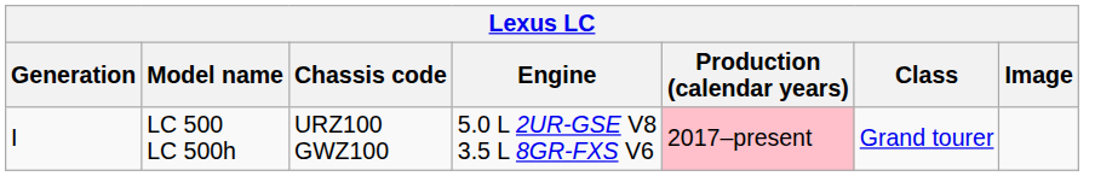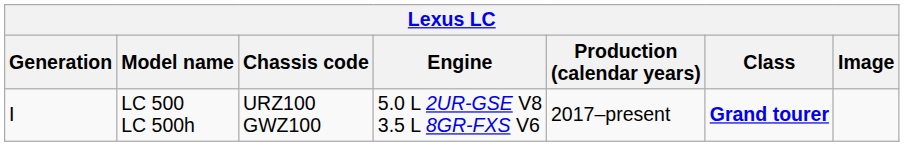 <table class="wikitable collapsible" style="font-size:97% style="width:90%; text-align:center">
 <tr>
 <th colspan=7 align=left><a href='#'>Lexus LC</a></th>
 </tr>
 <tr>
 <th>Generation</th>
 <th>Model name</th>
 <th>Chassis code</th>
 <th>Engine</th>
 <th>Production<br>(calendar years)</th>
 <th>Class</th>
 <th>Image</th>
 </tr>
 <tr>
 <td>I</td>
 <td>LC 500<br>LC 500h</td>
 <td>URZ100<br>GWZ100</td>
 <td>5.0 L <em><a href='#'>2UR-GSE</a></em> V8<br>3.5 L <em><a href='#'>8GR-FXS</a></em> V6</td>
-<td style="background: pink;">2017–present</td>
-<td><a href='#'>Grand tourer</a></td>
+<td>2017–present</td>
+<td><strong><a href='#'>Grand tourer</a></strong></td>
 <td></td>
 </tr>
 </table>
